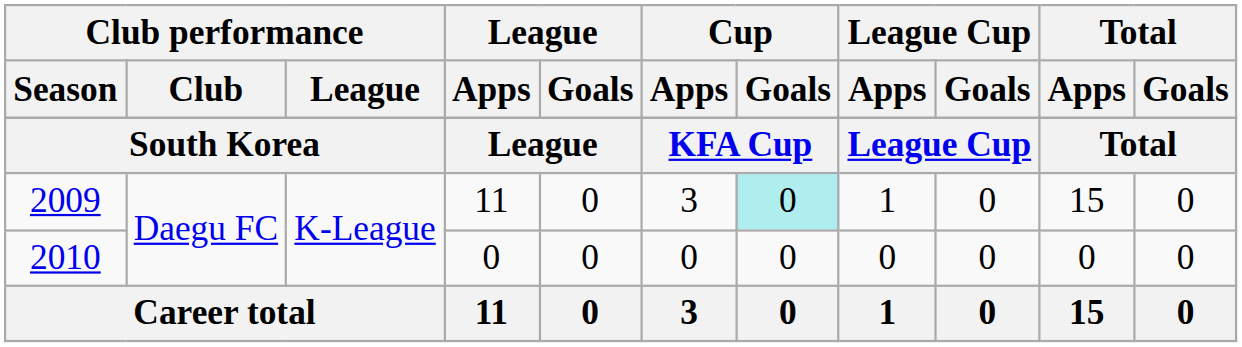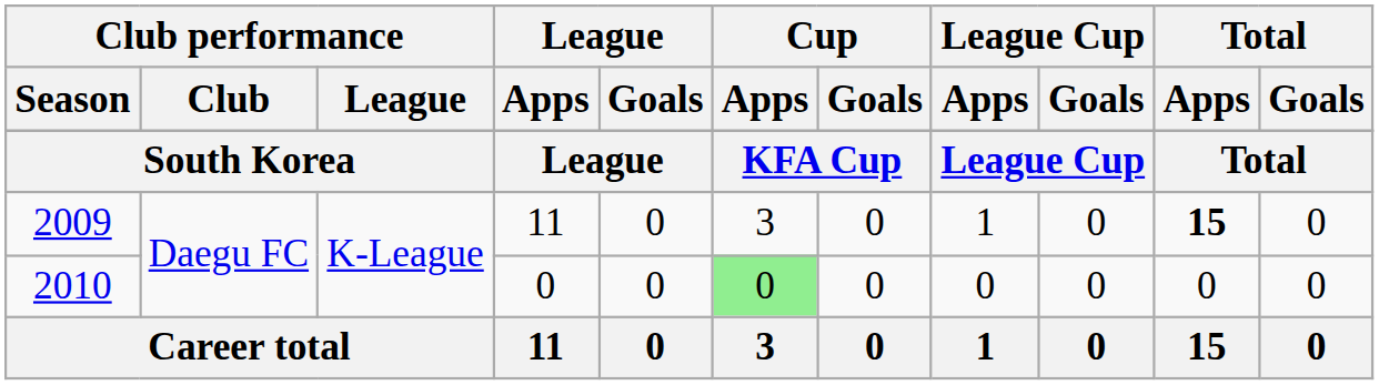 <table class="wikitable" style="text-align:center">
 <tr>
 <th colspan=3>Club performance</th>
 <th colspan=2>League</th>
 <th colspan=2>Cup</th>
 <th colspan=2>League Cup</th>
 <th colspan=2>Total</th>
 </tr>
 <tr>
 <th>Season</th>
 <th>Club</th>
 <th>League</th>
 <th>Apps</th>
 <th>Goals</th>
 <th>Apps</th>
 <th>Goals</th>
 <th>Apps</th>
 <th>Goals</th>
 <th>Apps</th>
 <th>Goals</th>
 </tr>
 <tr>
 </tr>
 <tr>
 <th colspan=3>South Korea</th>
 <th colspan=2>League</th>
 <th colspan=2><a href='#'>KFA Cup</a></th>
 <th colspan=2><a href='#'>League Cup</a></th>
 <th colspan=2>Total</th>
 </tr>
 <tr>
 <td><a href='#'>2009</a></td>
 <td rowspan="2"><a href='#'>Daegu FC</a></td>
 <td rowspan="2"><a href='#'>K-League</a></td>
 <td>11</td>
 <td>0</td>
 <td>3</td>
-<td style="background: paleturquoise;">0</td>
+<td>0</td>
 <td>1</td>
 <td>0</td>
-<td>15</td>
+<td><strong>15</strong></td>
 <td>0</td>
 </tr>
 <tr>
 <td><a href='#'>2010</a></td>
 <td>0</td>
 <td>0</td>
-<td>0</td>
+<td style="background: lightgreen;">0</td>
 <td>0</td>
 <td>0</td>
 <td>0</td>
 <td>0</td>
 <td>0</td>
 </tr>
 <tr>
 <th colspan=3>Career total</th>
 <th>11</th>
 <th>0</th>
 <th>3</th>
 <th>0</th>
 <th>1</th>
 <th>0</th>
 <th>15</th>
 <th>0</th>
 </tr>
 </table>
